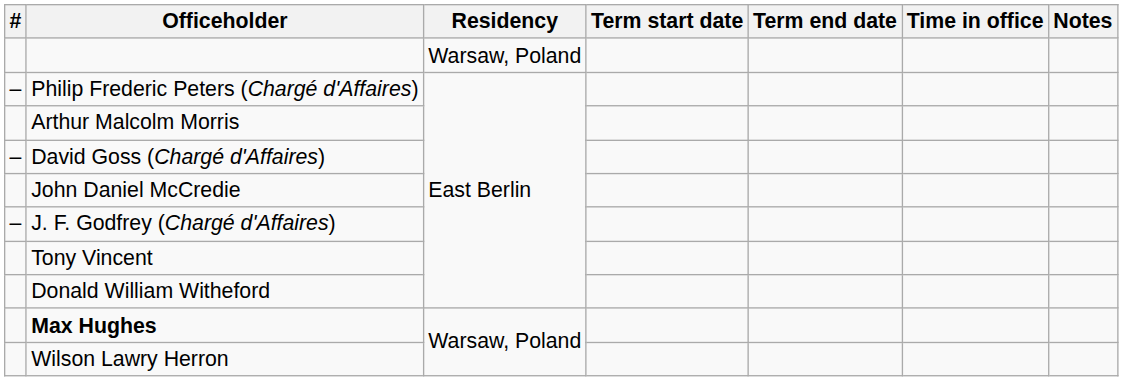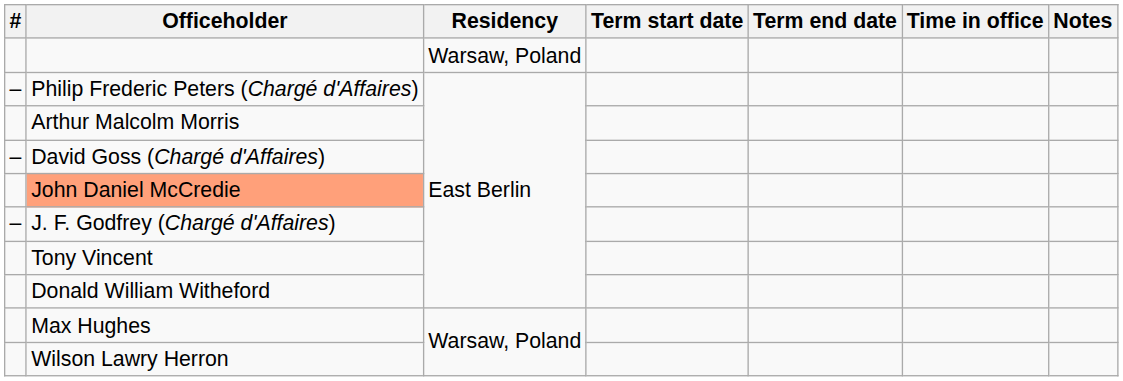 <table class='wikitable sortable'>
 <tr>
 <th>#</th>
 <th>Officeholder</th>
 <th>Residency</th>
 <th>Term start date</th>
 <th>Term end date</th>
 <th>Time in office</th>
 <th>Notes</th>
 </tr>
 <tr>
 <td align=center></td>
 <td></td>
 <td>Warsaw, Poland</td>
 <td align=center></td>
 <td align=center></td>
 <td align=right></td>
 <td></td>
 </tr>
 <tr>
 <td align=center>–</td>
 <td>Philip Frederic Peters (<em>Chargé d'Affaires</em>)</td>
 <td rowspan=7>East Berlin</td>
 <td align=center></td>
 <td align=center></td>
 <td align=right></td>
 <td></td>
 </tr>
 <tr>
 <td align=center></td>
 <td>Arthur Malcolm Morris</td>
 <td align=center></td>
 <td align=center></td>
 <td align=right></td>
 <td></td>
 </tr>
 <tr>
 <td align=center>–</td>
 <td>David Goss (<em>Chargé d'Affaires</em>)</td>
 <td align=center></td>
 <td align=center></td>
 <td align=right></td>
 <td></td>
 </tr>
 <tr>
 <td align=center></td>
-<td>John Daniel McCredie</td>
+<td style="background: lightsalmon;">John Daniel McCredie</td>
 <td align=center></td>
 <td align=center></td>
 <td align=right></td>
 <td></td>
 </tr>
 <tr>
 <td align=center>–</td>
 <td>J. F. Godfrey (<em>Chargé d'Affaires</em>)</td>
 <td align=center></td>
 <td align=center></td>
 <td align=right></td>
 <td></td>
 </tr>
 <tr>
 <td align=center></td>
 <td>Tony Vincent</td>
 <td align=center></td>
 <td align=center></td>
 <td align=right></td>
 <td></td>
 </tr>
 <tr>
 <td align=center></td>
 <td>Donald William Witheford</td>
 <td align=center></td>
 <td align=center></td>
 <td align=right></td>
 <td></td>
 </tr>
 <tr>
 <td align=center></td>
-<td><strong>Max Hughes</strong></td>
+<td>Max Hughes</td>
 <td rowspan=2>Warsaw, Poland</td>
 <td align=center></td>
 <td align=center></td>
 <td align=right></td>
 <td></td>
 </tr>
 <tr>
 <td align=center></td>
 <td>Wilson Lawry Herron</td>
 <td align=center></td>
 <td align=center></td>
 <td align=right></td>
 <td></td>
 </tr>
 </table>
